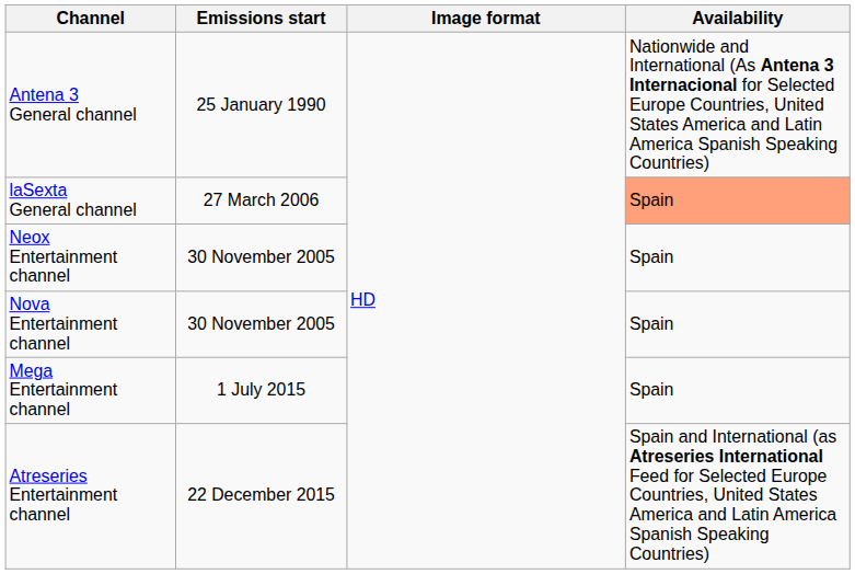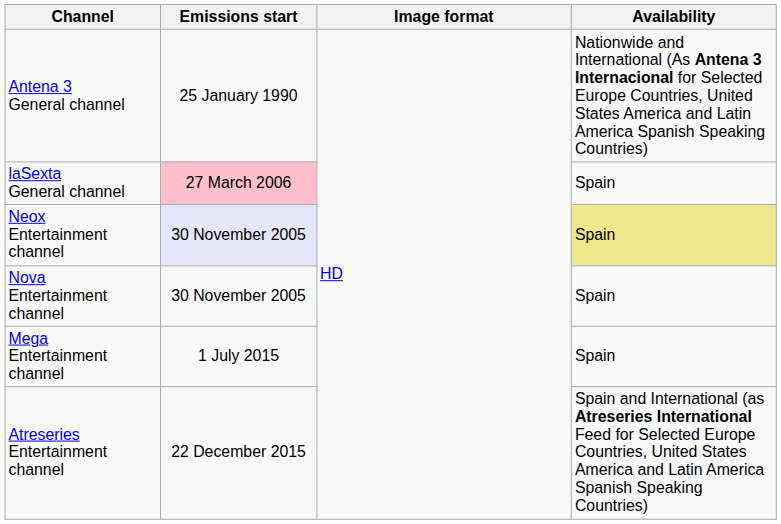 <table class="wikitable" style="margin: 1em auto;">
 <tr>
 <th width="150">Channel</th>
 <th width="150">Emissions start</th>
 <th width="250">Image format</th>
 <th width="200">Availability</th>
 </tr>
 <tr>
 <td><a href='#'>Antena 3</a><br>General channel</td>
 <td align = "center">25 January 1990</td>
 <td rowspan=6><a href='#'>HD</a></td>
 <td>Nationwide and International (As  <strong>Antena 3 Internacional</strong> for Selected Europe Countries, United States America and Latin America Spanish Speaking Countries)</td>
 </tr>
 <tr>
 <td><a href='#'>laSexta</a><br>General channel</td>
-<td align = "center">27 March 2006</td>
-<td style="background: lightsalmon;">Spain</td>
+<td align = "center" style="background: pink;">27 March 2006</td>
+<td>Spain</td>
 </tr>
 <tr>
 <td><a href='#'>Neox</a><br>Entertainment channel</td>
-<td align = "center">30 November 2005</td>
-<td>Spain</td>
+<td align = "center" style="background: lavender;">30 November 2005</td>
+<td style="background: khaki;">Spain</td>
 </tr>
 <tr>
 <td><a href='#'>Nova</a><br>Entertainment channel</td>
 <td align = "center">30 November 2005</td>
 <td>Spain</td>
 </tr>
 <tr>
 <td><a href='#'>Mega</a><br>Entertainment channel</td>
 <td align = "center">1 July 2015</td>
 <td>Spain</td>
 </tr>
 <tr>
 <td><a href='#'>Atreseries</a><br>Entertainment channel</td>
 <td align = "center">22 December 2015</td>
 <td>Spain and International (as <strong>Atreseries International</strong> Feed for Selected Europe Countries, United States America and Latin America Spanish Speaking Countries)</td>
 </tr>
 </table>
